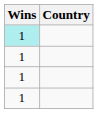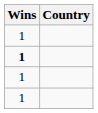 <table class="wikitable">
 <tr>
 <th>Wins</th>
 <th>Country</th>
 </tr>
 <tr>
-<td align="center" style="background: paleturquoise;">1</td>
+<td align="center">1</td>
 <td></td>
 </tr>
 <tr>
-<td align="center">1</td>
+<td align="center"><strong>1</strong></td>
 <td></td>
 </tr>
 <tr>
 <td align="center">1</td>
 <td></td>
 </tr>
 <tr>
 <td align="center">1</td>
 <td></td>
 </tr>
 </table>
